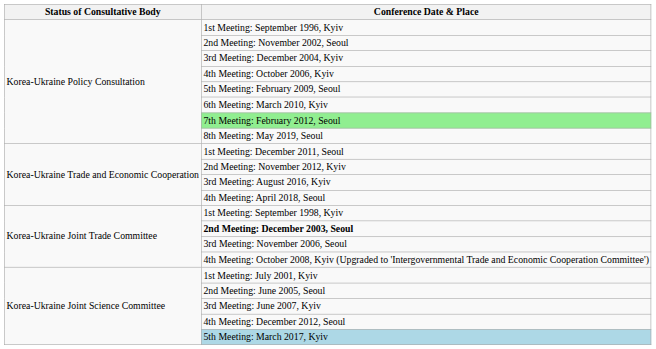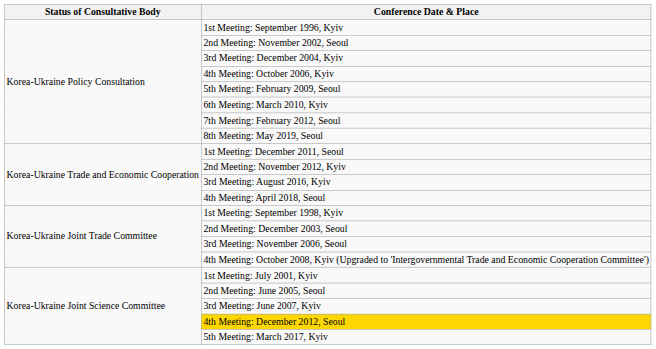 <table class="wikitable">
 <tr>
 <th>Status of Consultative Body</th>
 <th>Conference Date & Place</th>
 </tr>
 <tr>
 <td rowspan="8">Korea-Ukraine Policy Consultation</td>
 <td>1st Meeting: September 1996, Kyiv</td>
 </tr>
 <tr>
 <td>2nd Meeting: November 2002, Seoul</td>
 </tr>
 <tr>
 <td>3rd Meeting: December 2004, Kyiv</td>
 </tr>
 <tr>
 <td>4th Meeting: October 2006, Kyiv</td>
 </tr>
 <tr>
 <td>5th Meeting: February 2009, Seoul</td>
 </tr>
 <tr>
 <td>6th Meeting: March 2010, Kyiv</td>
 </tr>
 <tr>
-<td style="background: lightgreen;">7th Meeting: February 2012, Seoul</td>
+<td>7th Meeting: February 2012, Seoul</td>
 </tr>
 <tr>
 <td>8th Meeting: May 2019, Seoul</td>
 </tr>
 <tr>
 <td rowspan="4">Korea-Ukraine Trade and Economic Cooperation</td>
 <td>1st Meeting: December 2011, Seoul</td>
 </tr>
 <tr>
 <td>2nd Meeting: November 2012, Kyiv</td>
 </tr>
 <tr>
 <td>3rd Meeting: August 2016, Kyiv</td>
 </tr>
 <tr>
 <td>4th Meeting: April 2018, Seoul</td>
 </tr>
 <tr>
 <td rowspan="4">Korea-Ukraine Joint Trade Committee</td>
 <td>1st Meeting: September 1998, Kyiv</td>
 </tr>
 <tr>
-<td><strong>2nd Meeting: December 2003, Seoul</strong></td>
+<td>2nd Meeting: December 2003, Seoul</td>
 </tr>
 <tr>
 <td>3rd Meeting: November 2006, Seoul</td>
 </tr>
 <tr>
 <td>4th Meeting: October 2008, Kyiv (Upgraded to 'Intergovernmental Trade and Economic Cooperation Committee')</td>
 </tr>
 <tr>
 <td rowspan="5">Korea-Ukraine Joint Science Committee</td>
 <td>1st Meeting: July 2001, Kyiv</td>
 </tr>
 <tr>
 <td>2nd Meeting: June 2005, Seoul</td>
 </tr>
 <tr>
 <td>3rd Meeting: June 2007, Kyiv</td>
 </tr>
 <tr>
-<td>4th Meeting: December 2012, Seoul</td>
+<td style="background: gold;">4th Meeting: December 2012, Seoul</td>
 </tr>
 <tr>
-<td style="background: lightblue;">5th Meeting: March 2017, Kyiv</td>
+<td>5th Meeting: March 2017, Kyiv</td>
 </tr>
 </table>
